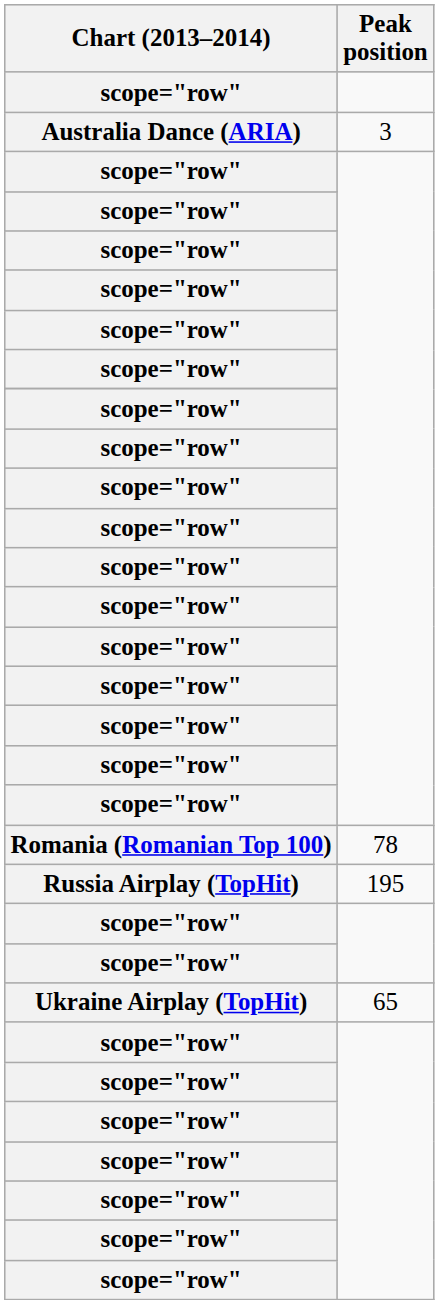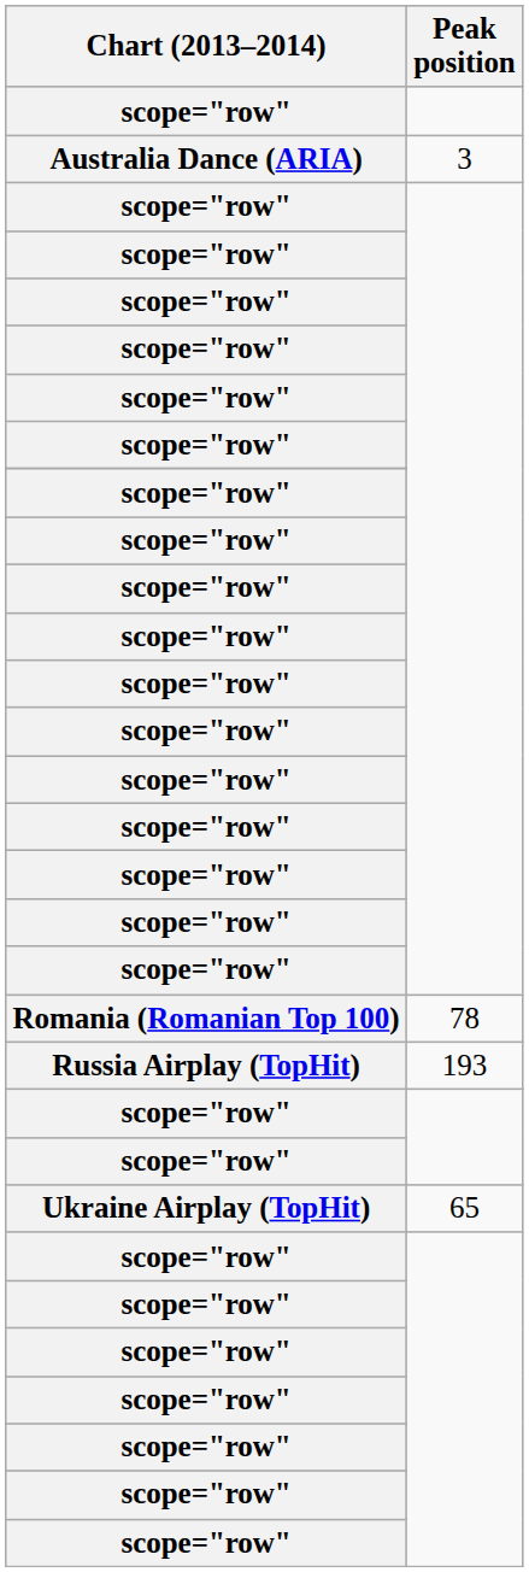 <table class="wikitable sortable plainrowheaders" style="text-align:center;">
 <tr>
 <th scope="col">Chart (2013–2014)</th>
 <th scope="col">Peak<br>position</th>
 </tr>
 <tr>
 <th>scope="row"</th>
 </tr>
 <tr>
 <th scope="row">Australia Dance (<a href='#'>ARIA</a>)</th>
 <td>3</td>
 </tr>
 <tr>
 <th>scope="row"</th>
 </tr>
 <tr>
 <th>scope="row"</th>
 </tr>
 <tr>
 <th>scope="row"</th>
 </tr>
 <tr>
 <th>scope="row"</th>
 </tr>
 <tr>
 <th>scope="row"</th>
 </tr>
 <tr>
 <th>scope="row"</th>
 </tr>
 <tr>
 </tr>
 <tr>
 <th>scope="row"</th>
 </tr>
 <tr>
 <th>scope="row"</th>
 </tr>
 <tr>
 <th>scope="row"</th>
 </tr>
 <tr>
 <th>scope="row"</th>
 </tr>
 <tr>
 <th>scope="row"</th>
 </tr>
 <tr>
 <th>scope="row"</th>
 </tr>
 <tr>
 <th>scope="row"</th>
 </tr>
 <tr>
 <th>scope="row"</th>
 </tr>
 <tr>
 <th>scope="row"</th>
 </tr>
 <tr>
 <th>scope="row"</th>
 </tr>
 <tr>
 <th>scope="row"</th>
 </tr>
 <tr>
 <th scope="row">Romania (<a href='#'>Romanian Top 100</a>)</th>
 <td>78</td>
 </tr>
 <tr>
 <th scope="row">Russia Airplay (<a href='#'>TopHit</a>)</th>
-<td>195</td>
+<td>193</td>
 </tr>
 <tr>
 <th>scope="row"</th>
 </tr>
 <tr>
 <th>scope="row"</th>
 </tr>
 <tr>
 <th scope="row">Ukraine Airplay (<a href='#'>TopHit</a>)</th>
 <td>65</td>
 </tr>
 <tr>
 <th>scope="row"</th>
 </tr>
 <tr>
 <th>scope="row"</th>
 </tr>
 <tr>
 <th>scope="row"</th>
 </tr>
 <tr>
 <th>scope="row"</th>
 </tr>
 <tr>
 <th>scope="row"</th>
 </tr>
 <tr>
 <th>scope="row"</th>
 </tr>
 <tr>
 <th>scope="row"</th>
 </tr>
 </table>
